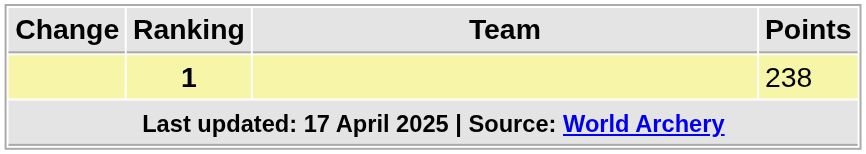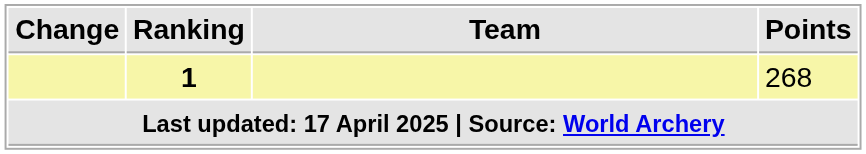 <table cellspacing="1" cellpadding="3" style="border:1px solid #aaa; font-size:90%; float: left; margin-left: 1em;">
 <tr style="background:#e4e4e4;">
 <th style="border-bottom:1px solid #aaa; width:10px;">Change</th>
 <th style="border-bottom:1px solid #aaa; width:10px;">Ranking</th>
 <th style="border-bottom:1px solid #aaa; width:250px;">Team</th>
 <th style="border-bottom:1px solid #aaa; width:30px;">Points</th>
 </tr>
 <tr style="background:#f7f6a8">
 <td style="text-align:center;"><small></small></td>
 <td style="text-align:center;"><strong>1</strong></td>
 <td></td>
-<td>238</td>
+<td>268</td>
 </tr>
 <tr style="background:#e4e4e4;">
 <th colspan=4 style="border-bottom:1px solid #aaa; width:10px;"><small>Last updated: 17 April 2025 | Source: <a href='#'>World Archery</a></small></th>
 </tr>
 </table>
